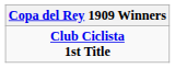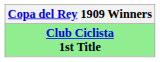 <table class="wikitable" style="text-align: center; margin: 0 auto;">
 <tr>
 <th><a href='#'>Copa del Rey</a> 1909 Winners</th>
 </tr>
 <tr>
-<td><strong><a href='#'>Club Ciclista</a></strong><br><strong>1st Title</strong></td>
+<td style="background: lightgreen;"><strong><a href='#'>Club Ciclista</a></strong><br><strong>1st Title</strong></td>
 </tr>
 </table>
